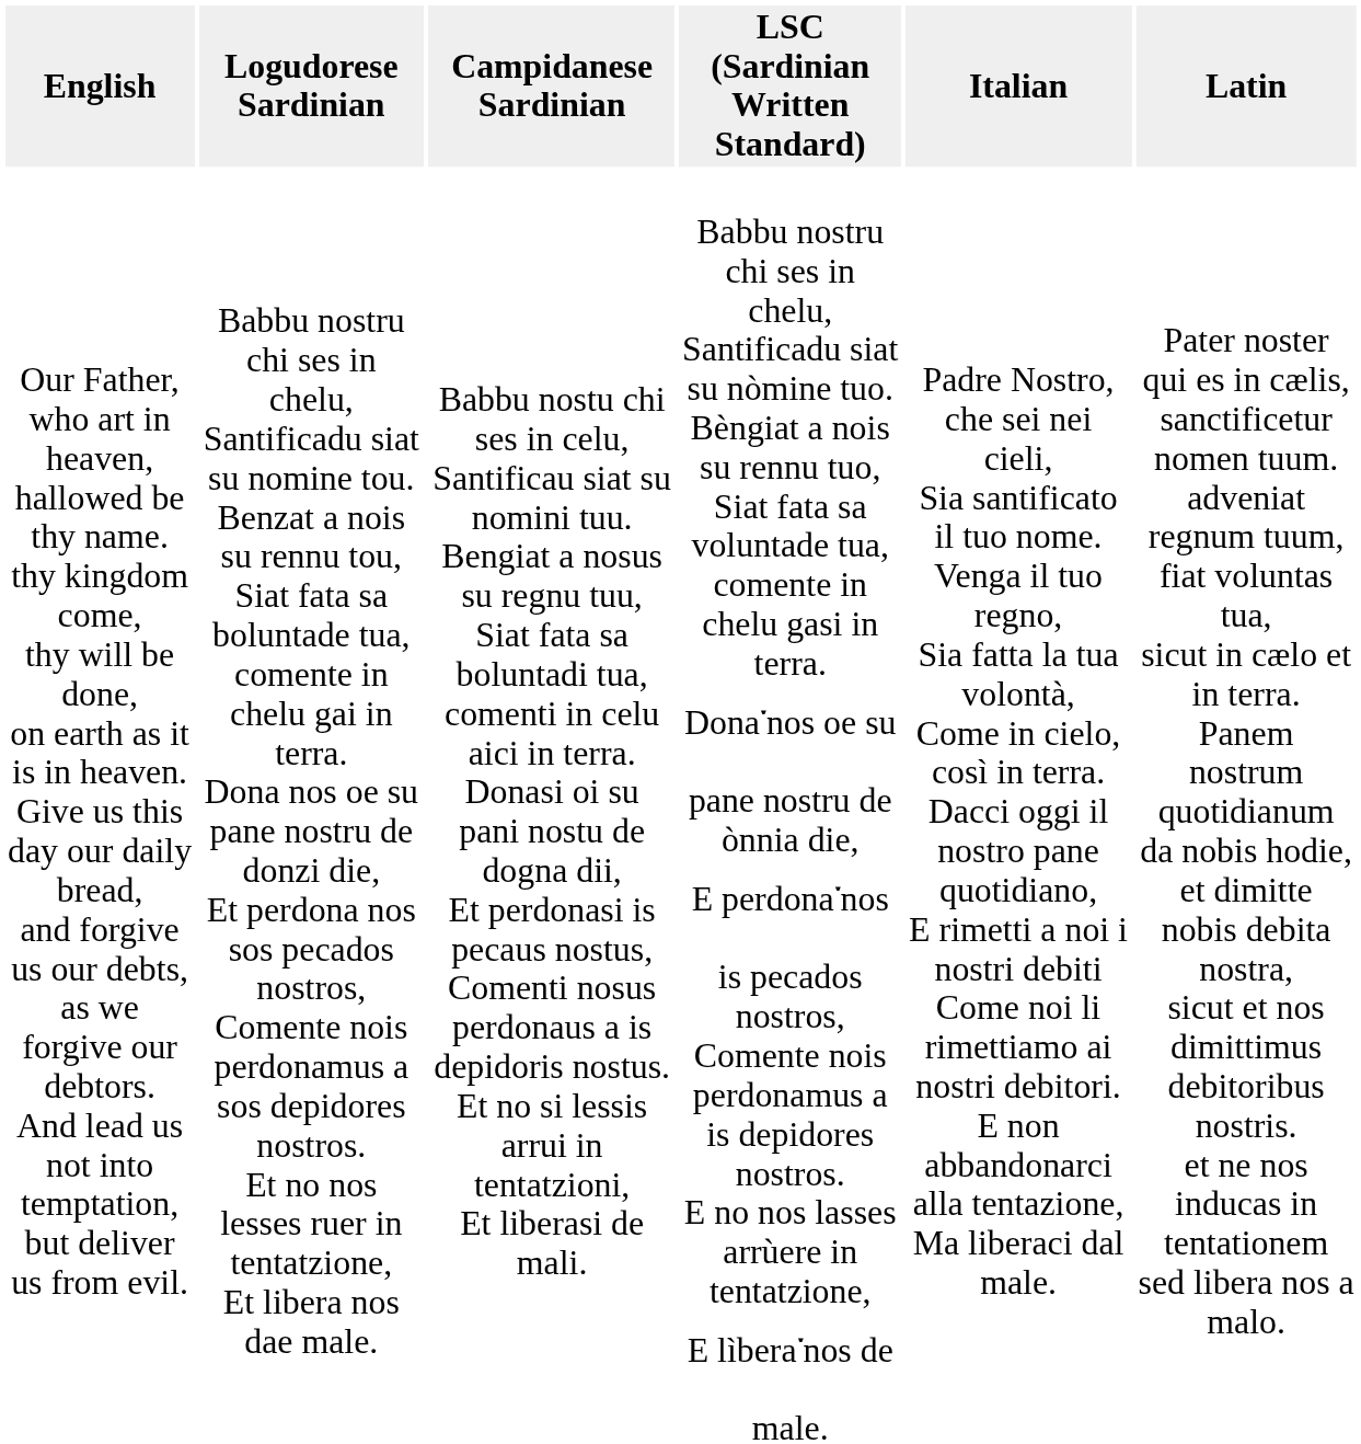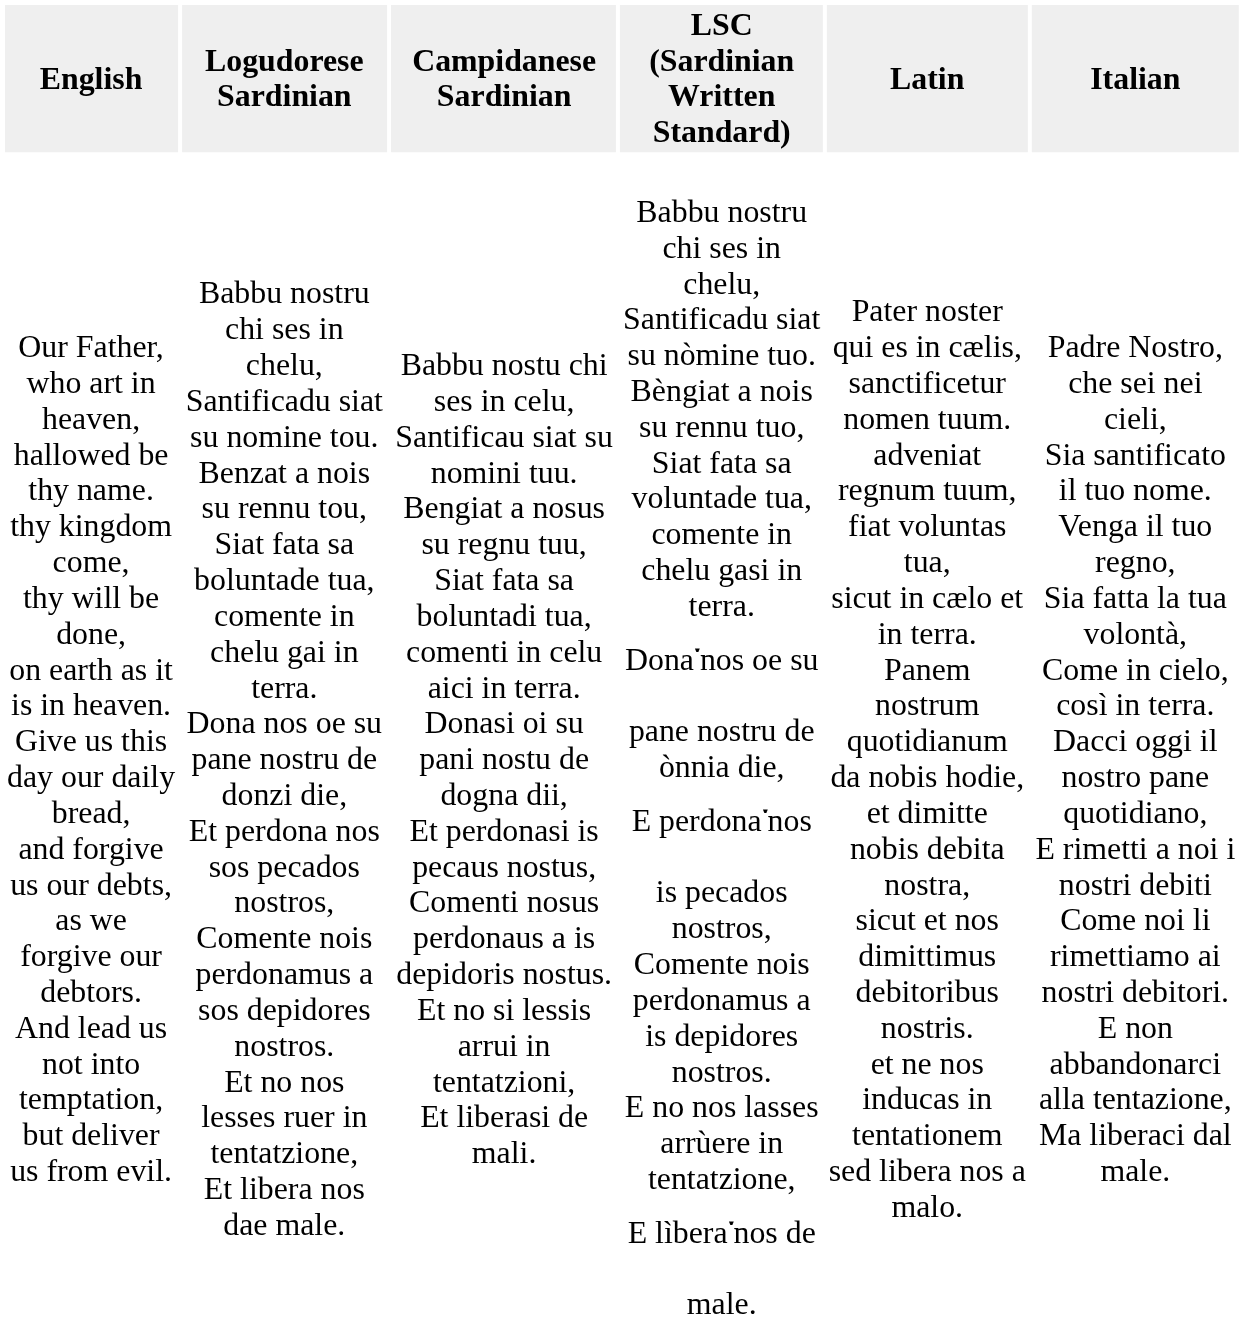 <table class="itwiki_template_toc" style="width:100%; text-align:center;">
 <tr>
 <th style="background:#efefef;">English</th>
 <th style="background:#efefef;">Logudorese Sardinian</th>
 <th style="background:#efefef;">Campidanese Sardinian</th>
 <th style="background:#efefef;">LSC (Sardinian Written Standard)</th>
+<th style="background:#efefef;">Latin</th>
 <th style="background:#efefef;">Italian</th>
-<th style="background:#efefef;">Latin</th>
 </tr>
 <tr>
 <td><br>Our Father, who art in heaven,<br> hallowed be thy name.<br> thy kingdom come,<br> thy will be done,<br> on earth as it is in heaven.<br> Give us this day our daily bread,<br> and forgive us our debts,<br> as we forgive our debtors.<br> And lead us not into temptation,<br> but deliver us from evil.</td>
 <td><br>Babbu nostru chi ses in chelu,<br> Santificadu siat su nomine tou.<br> Benzat a nois su rennu tou,<br> Siat fata sa boluntade tua,<br> comente in chelu gai in terra.<br> Dona nos oe su pane nostru de donzi die,<br> Et perdona nos sos pecados nostros,<br> Comente nois perdonamus a sos depidores nostros.<br> Et no nos lesses ruer in tentatzione,<br> Et libera nos dae male.</td>
 <td><br>Babbu nostu chi ses in celu,<br> Santificau siat su nomini tuu.<br> Bengiat a nosus su regnu tuu,<br> Siat fata sa boluntadi tua,<br> comenti in celu aici in terra.<br> Donasi oi su pani nostu de dogna dii,<br> Et perdonasi is pecaus nostus,<br> Comenti nosus perdonaus a is depidoris nostus.<br> Et no si lessis arrui in tentatzioni,<br> Et liberasi de mali.</td>
 <td><br>Babbu nostru chi ses in chelu,<br> Santificadu siat su nòmine tuo.<br> Bèngiat a nois su rennu tuo,<br> Siat fata sa voluntade tua,<br> comente in chelu gasi in terra.<br> Dona་nos oe su pane nostru de ònnia die,<br> E perdona་nos is pecados nostros,<br> Comente nois perdonamus a is depidores nostros.<br> E no nos lasses arrùere in tentatzione,<br> E lìbera་nos de male.</td>
+<td><br>Pater noster qui es in cælis,<br> sanctificetur nomen tuum.<br> adveniat regnum tuum,<br> fiat voluntas tua,<br> sicut in cælo et in terra.<br> Panem nostrum quotidianum da nobis hodie,<br> et dimitte nobis debita nostra,<br> sicut et nos dimittimus debitoribus nostris.<br> et ne nos inducas in tentationem<br> sed libera nos a malo.</td>
 <td><br>Padre Nostro, che sei nei cieli,<br> Sia santificato il tuo nome.<br> Venga il tuo regno,<br> Sia fatta la tua volontà,<br> Come in cielo, così in terra.<br> Dacci oggi il nostro pane quotidiano,<br> E rimetti a noi i nostri debiti<br> Come noi li rimettiamo ai nostri debitori.<br> E non abbandonarci alla tentazione,<br> Ma liberaci dal male.</td>
-<td><br>Pater noster qui es in cælis,<br> sanctificetur nomen tuum.<br> adveniat regnum tuum,<br> fiat voluntas tua,<br> sicut in cælo et in terra.<br> Panem nostrum quotidianum da nobis hodie,<br> et dimitte nobis debita nostra,<br> sicut et nos dimittimus debitoribus nostris.<br> et ne nos inducas in tentationem<br> sed libera nos a malo.</td>
 </tr>
 </table>
